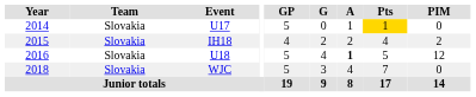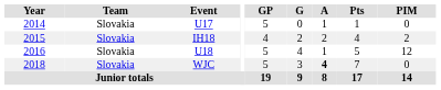 <table border="0" cellpadding="1" cellspacing="0" ID="Table3" style="text-align:center; width:40em">
 <tr bgcolor="#e0e0e0">
 <th>Year</th>
 <th>Team</th>
 <th>Event</th>
 <th rowspan="102" bgcolor="#ffffff"></th>
 <th>GP</th>
 <th>G</th>
 <th>A</th>
 <th>Pts</th>
 <th>PIM</th>
 </tr>
 <tr>
 <td><a href='#'>2014</a></td>
 <td>Slovakia</td>
 <td><a href='#'>U17</a></td>
 <td>5</td>
 <td>0</td>
 <td>1</td>
-<td style="background: gold;">1</td>
+<td>1</td>
 <td>0</td>
 </tr>
 <tr bgcolor="#f0f0f0">
 <td><a href='#'>2015</a></td>
 <td><a href='#'>Slovakia</a></td>
 <td><a href='#'>IH18</a></td>
 <td>4</td>
 <td>2</td>
 <td>2</td>
 <td>4</td>
 <td>2</td>
 </tr>
 <tr>
 <td><a href='#'>2016</a></td>
 <td>Slovakia</td>
 <td><a href='#'>U18</a></td>
 <td>5</td>
 <td>4</td>
-<td><strong>1</strong></td>
+<td>1</td>
 <td>5</td>
 <td>12</td>
 </tr>
 <tr bgcolor="#f0f0f0">
 <td><a href='#'>2018</a></td>
 <td><a href='#'>Slovakia</a></td>
 <td><a href='#'>WJC</a></td>
 <td>5</td>
 <td>3</td>
-<td>4</td>
+<td><strong>4</strong></td>
 <td>7</td>
 <td>0</td>
 </tr>
 <tr bgcolor="#e0e0e0">
 <th colspan="4">Junior totals</th>
 <th>19</th>
 <th>9</th>
 <th>8</th>
 <th>17</th>
 <th>14</th>
 </tr>
 </table>
